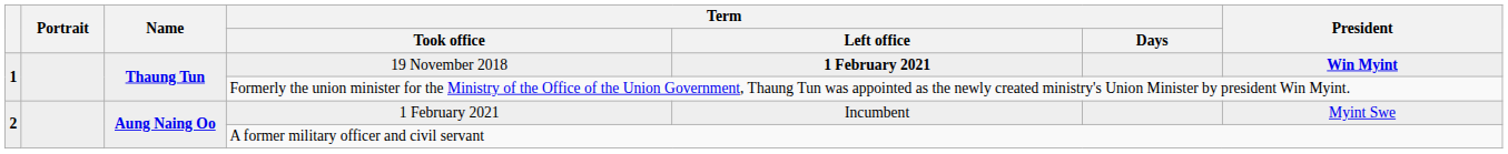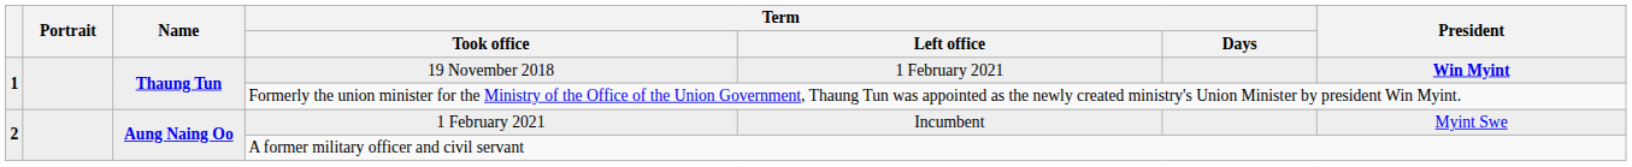 <table class="wikitable" style="text-align:center; width:100%; border:1px #AAAAFF solid">
 <tr>
 <th rowspan=2></th>
 <th width=80 rowspan=2>Portrait</th>
 <th rowspan=2>Name</th>
 <th colspan=3>Term</th>
 <th rowspan=2 colspan=1>President</th>
 </tr>
 <tr>
 <th>Took office</th>
 <th>Left office</th>
 <th>Days</th>
 </tr>
 <tr style="background:#EEEEEE">
 <td rowspan=2 style="background:"><strong>1</strong></td>
 <td rowspan=2></td>
 <td rowspan=2><strong><a href='#'>Thaung Tun</a></strong></td>
 <td>19 November 2018</td>
-<td><strong>1 February 2021</strong></td>
+<td>1 February 2021</td>
 <td></td>
 <td><strong><a href='#'>Win Myint</a></strong></td>
 </tr>
 <tr>
 <td colspan="4" align="left">Formerly the union minister for the <a href='#'>Ministry of the Office of the Union Government</a>, Thaung Tun was appointed as the newly created ministry's Union Minister by president Win Myint.</td>
 </tr>
 <tr style="background:#EEEEEE">
 <td rowspan=2 style="background:"><strong>2</strong></td>
 <td rowspan=2></td>
 <td rowspan=2><strong><a href='#'>Aung Naing Oo</a></strong></td>
 <td>1 February 2021</td>
 <td>Incumbent</td>
 <td></td>
 <td><a href='#'>Myint Swe</a></td>
 </tr>
 <tr>
 <td colspan="4" align="left">A former military officer and civil servant</td>
 </tr>
 </table>
